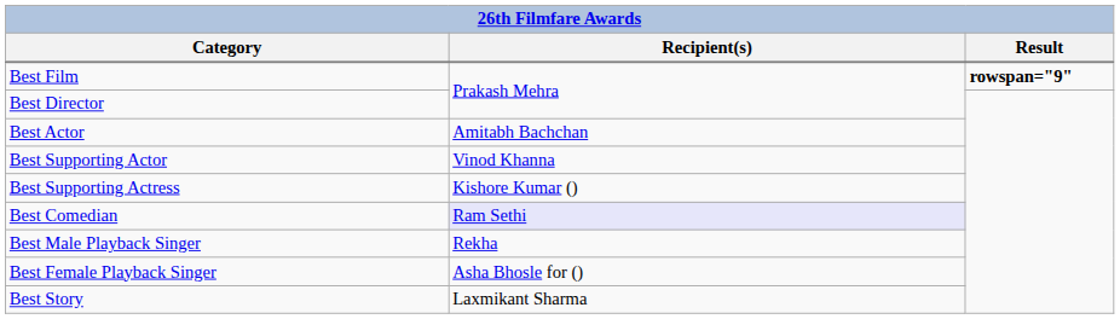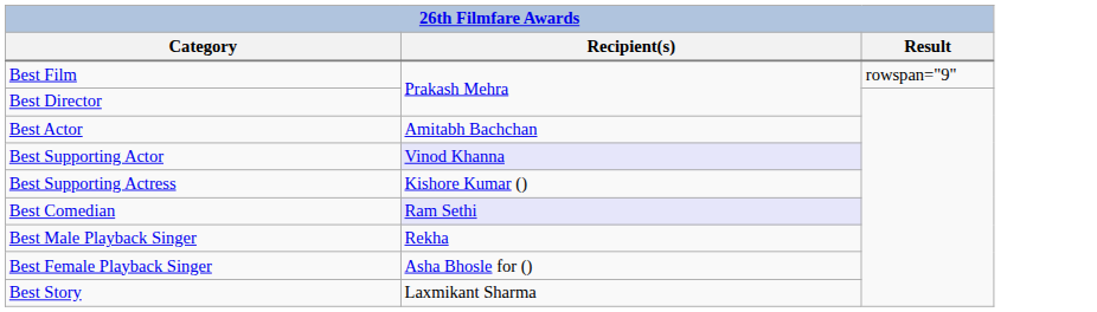 <table class="wikitable" style="font-size:100%">
 <tr style="background:#ccc; text-align:center;">
 <th colspan="9" style="background: LightSteelBlue;"><a href='#'>26th Filmfare Awards</a></th>
 </tr>
 <tr style="background:#ccc; text-align center;">
 <th style="width:30%;">Category</th>
 <th style="width:35%;">Recipient(s)</th>
 <th style="width:10%;">Result</th>
 </tr>
 <tr style="border-top:2px solid gray;">
 <td><a href='#'>Best Film</a></td>
 <td rowspan="2"><a href='#'>Prakash Mehra</a></td>
-<td><strong>rowspan="9" </strong></td>
+<td>rowspan="9" </td>
 </tr>
 <tr>
 <td><a href='#'>Best Director</a></td>
 </tr>
 <tr>
 <td><a href='#'>Best Actor</a></td>
 <td><a href='#'>Amitabh Bachchan</a></td>
 </tr>
 <tr>
 <td><a href='#'>Best Supporting Actor</a></td>
-<td><a href='#'>Vinod Khanna</a></td>
+<td style="background: lavender;"><a href='#'>Vinod Khanna</a></td>
 </tr>
 <tr>
 <td><a href='#'>Best Supporting Actress</a></td>
 <td><a href='#'>Kishore Kumar</a> ()</td>
 </tr>
 <tr>
 <td><a href='#'>Best Comedian</a></td>
 <td style="background: lavender;"><a href='#'>Ram Sethi</a></td>
 </tr>
 <tr>
 <td><a href='#'>Best Male Playback Singer</a></td>
 <td><a href='#'>Rekha</a></td>
 </tr>
 <tr>
 <td><a href='#'>Best Female Playback Singer</a></td>
 <td><a href='#'>Asha Bhosle</a> for ()</td>
 </tr>
 <tr>
 <td><a href='#'>Best Story</a></td>
 <td>Laxmikant Sharma</td>
 </tr>
 </table>
